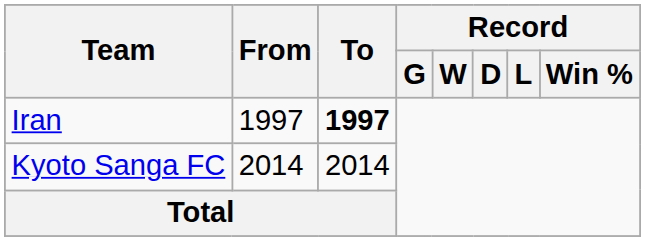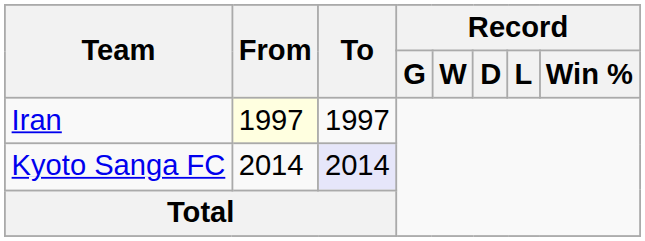 <table class="wikitable" style="text-align: center">
 <tr>
 <th rowspan="2">Team</th>
 <th rowspan="2">From</th>
 <th rowspan="2">To</th>
 <th colspan="5">Record</th>
 </tr>
 <tr>
 <th>G</th>
 <th>W</th>
 <th>D</th>
 <th>L</th>
 <th>Win %</th>
 </tr>
 <tr>
 <td align="left"><a href='#'>Iran</a></td>
-<td align="left">1997</td>
-<td align="left"><strong>1997<br></strong></td>
+<td align="left" style="background: lightyellow;">1997</td>
+<td align="left">1997<br></td>
 </tr>
 <tr>
 <td align="left"><a href='#'>Kyoto Sanga FC</a></td>
 <td align="left">2014</td>
-<td align="left">2014<br></td>
+<td align="left" style="background: lavender;">2014<br></td>
 </tr>
 <tr>
 <th colspan="3">Total<br></th>
 </tr>
 </table>
